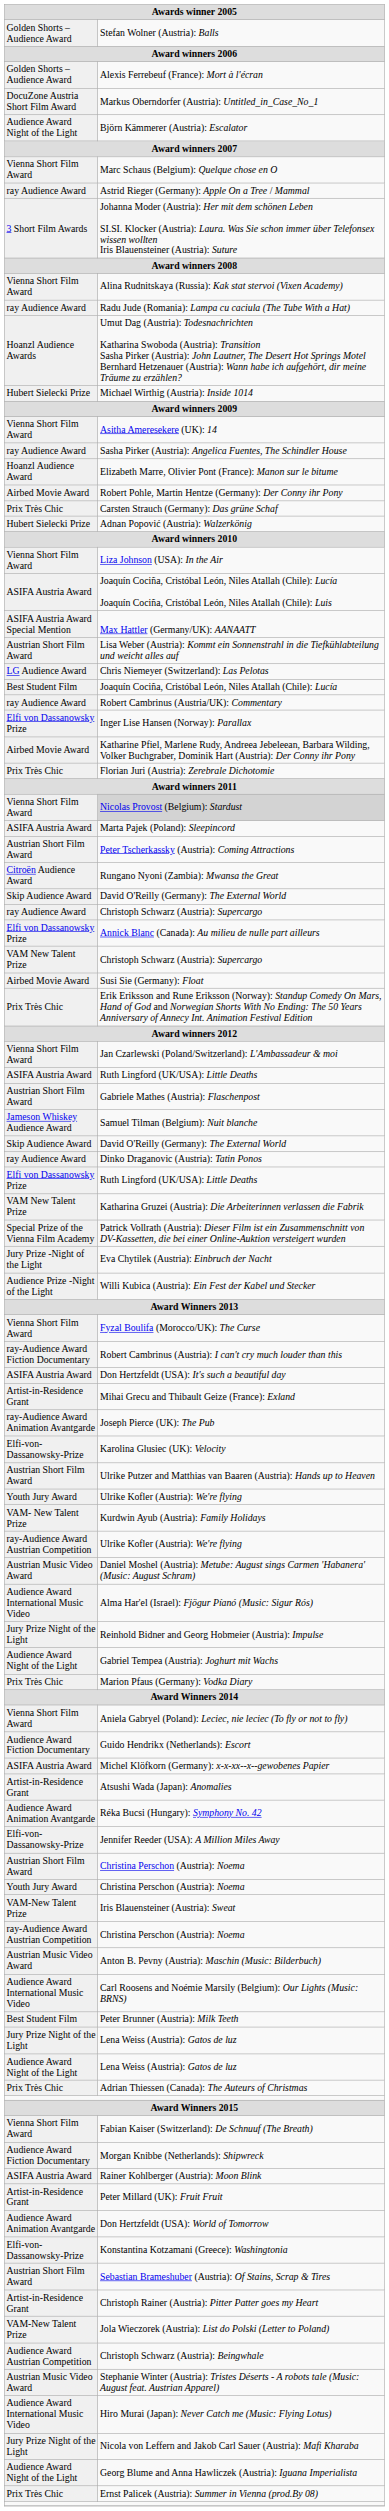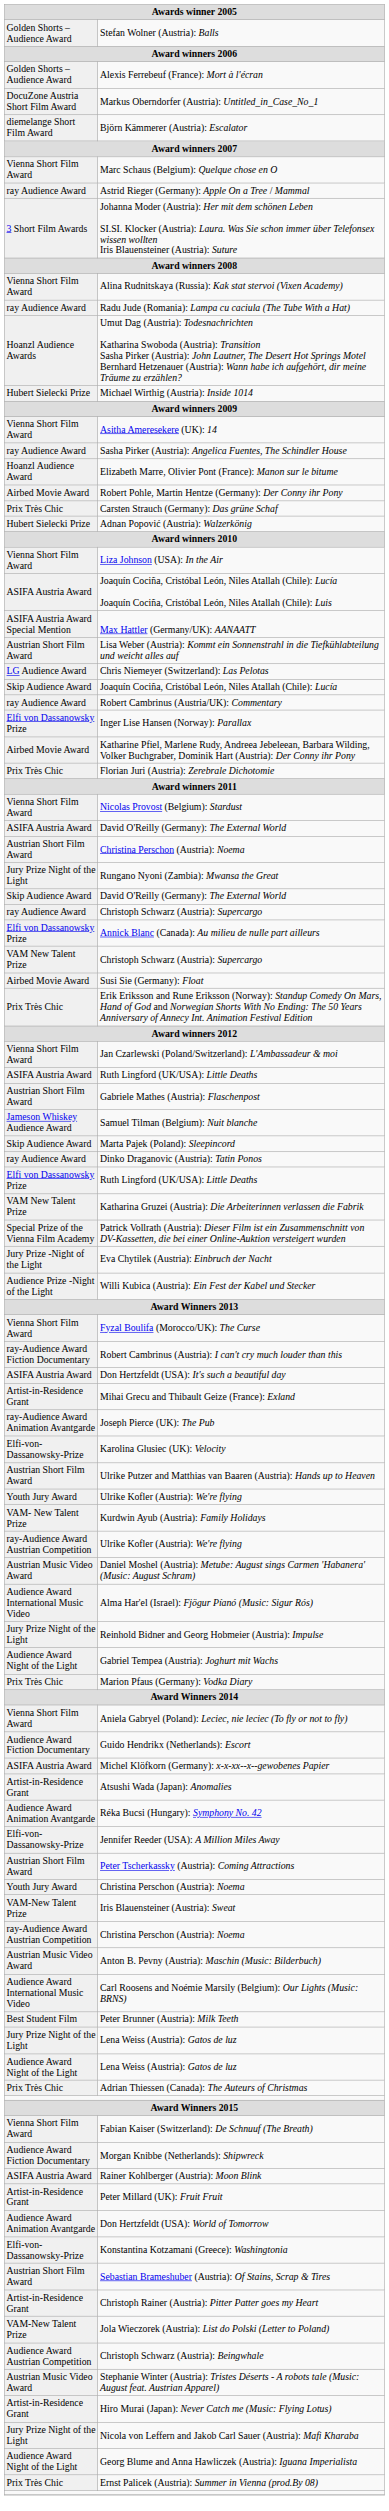 <table class=wikitable  width=100%>
 <tr>
 <td colspan=2 align=center bgcolor=#DDDDDD><strong>Awards winner 2005</strong></td>
 </tr>
 <tr>
 <td bgcolor=#f0f0f0>Golden Shorts – Audience Award</td>
 <td>Stefan Wolner (Austria): <em>Balls</em></td>
 </tr>
 <tr>
 <td colspan=2 align=center bgcolor=#DDDDDD><strong>Award winners 2006</strong></td>
 </tr>
 <tr>
 <td bgcolor=#f0f0f0>Golden Shorts – Audience Award</td>
 <td>Alexis Ferrebeuf (France): <em>Mort à l'écran</em></td>
 </tr>
 <tr>
 <td bgcolor=#f0f0f0>DocuZone Austria Short Film Award</td>
 <td>Markus Oberndorfer (Austria): <em>Untitled_in_Case_No_1</em></td>
 </tr>
 <tr>
-<td bgcolor=#f0f0f0>Audience Award Night of the Light</td>
+<td bgcolor=#f0f0f0>diemelange Short Film Award</td>
 <td>Björn Kämmerer (Austria): <em>Escalator</em></td>
 </tr>
 <tr>
 <td colspan=2 align=center bgcolor=#DDDDDD><strong>Award winners 2007</strong></td>
 </tr>
 <tr>
 <td bgcolor=#f0f0f0>Vienna Short Film Award</td>
 <td>Marc Schaus (Belgium): <em>Quelque chose en O</em></td>
 </tr>
 <tr>
 <td bgcolor=#f0f0f0>ray Audience Award</td>
 <td>Astrid Rieger (Germany): <em>Apple On a Tree</em> / <em>Mammal</em></td>
 </tr>
 <tr>
 <td bgcolor=#f0f0f0><a href='#'>3</a> Short Film Awards</td>
 <td>Johanna Moder (Austria): <em>Her mit dem schönen Leben</em><br><br>SI.SI. Klocker (Austria): <em>Laura. Was Sie schon immer über Telefonsex wissen wollten</em><br> Iris Blauensteiner (Austria): <em>Suture</em></td>
 </tr>
 <tr>
 <td colspan=2 align=center bgcolor=#DDDDDD><strong>Award winners 2008</strong></td>
 </tr>
 <tr>
 <td bgcolor=#f0f0f0>Vienna Short Film Award</td>
 <td>Alina Rudnitskaya (Russia): <em>Kak stat stervoi (Vixen Academy)</em></td>
 </tr>
 <tr>
 <td bgcolor=#f0f0f0>ray Audience Award</td>
 <td>Radu Jude (Romania): <em>Lampa cu caciula (The Tube With a Hat)</em></td>
 </tr>
 <tr>
 <td bgcolor=#f0f0f0>Hoanzl Audience Awards</td>
 <td>Umut Dag (Austria): <em>Todesnachrichten</em><br><br>Katharina Swoboda (Austria): <em>Transition</em><br> Sasha Pirker (Austria): <em>John Lautner, The Desert Hot Springs Motel</em><br> Bernhard Hetzenauer (Austria): <em>Wann habe ich aufgehört, dir meine Träume zu erzählen?</em></td>
 </tr>
 <tr>
 <td bgcolor=#f0f0f0>Hubert Sielecki Prize</td>
 <td>Michael Wirthig (Austria): <em>Inside 1014</em></td>
 </tr>
 <tr>
 <td colspan=2 align=center bgcolor=#DDDDDD><strong>Award winners 2009</strong></td>
 </tr>
 <tr>
 <td bgcolor=#f0f0f0>Vienna Short Film Award</td>
 <td><a href='#'>Asitha Ameresekere</a> (UK): <em>14</em></td>
 </tr>
 <tr>
 <td bgcolor=#f0f0f0>ray Audience Award</td>
 <td>Sasha Pirker (Austria): <em>Angelica Fuentes, The Schindler House</em></td>
 </tr>
 <tr>
 <td bgcolor=#f0f0f0>Hoanzl Audience Award</td>
 <td>Elizabeth Marre, Olivier Pont (France): <em>Manon sur le bitume</em></td>
 </tr>
 <tr>
 <td bgcolor=#f0f0f0>Airbed Movie Award</td>
 <td>Robert Pohle, Martin Hentze (Germany): <em>Der Conny ihr Pony</em></td>
 </tr>
 <tr>
 <td bgcolor=#f0f0f0>Prix Très Chic</td>
 <td>Carsten Strauch (Germany): <em>Das grüne Schaf</em></td>
 </tr>
 <tr>
 <td bgcolor=#f0f0f0>Hubert Sielecki Prize</td>
 <td>Adnan Popović (Austria): <em>Walzerkönig</em></td>
 </tr>
 <tr>
 <td colspan=2 align=center bgcolor=#DDDDDD><strong>Award winners 2010</strong></td>
 </tr>
 <tr>
 <td bgcolor=#f0f0f0>Vienna Short Film Award</td>
 <td><a href='#'>Liza Johnson</a> (USA): <em>In the Air</em></td>
 </tr>
 <tr>
 <td bgcolor=#f0f0f0>ASIFA Austria Award</td>
 <td>Joaquín Cociña, Cristóbal León, Niles Atallah (Chile): <em>Lucía</em><br><br>Joaquín Cociña, Cristóbal León, Niles Atallah (Chile): <em>Luis</em></td>
 </tr>
 <tr>
 <td bgcolor=#f0f0f0>ASIFA Austria Award Special Mention</td>
 <td><br><a href='#'>Max Hattler</a> (Germany/UK): <em>AANAATT</em></td>
 </tr>
 <tr>
 <td bgcolor=#f0f0f0>Austrian Short Film Award</td>
 <td>Lisa Weber (Austria): <em>Kommt ein Sonnenstrahl in die Tiefkühlabteilung und weicht alles auf</em></td>
 </tr>
 <tr>
 <td bgcolor=#f0f0f0><a href='#'>LG</a> Audience Award</td>
 <td>Chris Niemeyer (Switzerland): <em>Las Pelotas</em></td>
 </tr>
 <tr>
-<td bgcolor=#f0f0f0>Best Student Film</td>
+<td bgcolor=#f0f0f0>Skip Audience Award</td>
 <td>Joaquín Cociña, Cristóbal León, Niles Atallah (Chile): <em>Lucía</em></td>
 </tr>
 <tr>
 <td bgcolor=#f0f0f0>ray Audience Award</td>
 <td>Robert Cambrinus (Austria/UK): <em>Commentary</em></td>
 </tr>
 <tr>
 <td bgcolor=#f0f0f0><a href='#'>Elfi von Dassanowsky</a> Prize</td>
 <td>Inger Lise Hansen (Norway): <em>Parallax</em></td>
 </tr>
 <tr>
 <td bgcolor=#f0f0f0>Airbed Movie Award</td>
 <td>Katharine Pfiel, Marlene Rudy, Andreea Jebeleean, Barbara Wilding, Volker Buchgraber, Dominik Hart (Austria): <em>Der Conny ihr Pony</em></td>
 </tr>
 <tr>
 <td bgcolor=#f0f0f0>Prix Très Chic</td>
 <td>Florian Juri (Austria): <em>Zerebrale Dichotomie</em></td>
 </tr>
 <tr>
 <td colspan=2 align=center bgcolor=#DDDDDD><strong>Award winners 2011</strong></td>
 </tr>
 <tr>
 <td bgcolor=#f0f0f0>Vienna Short Film Award</td>
-<td style="background: lightgrey;"><a href='#'>Nicolas Provost</a> (Belgium): <em>Stardust</em></td>
+<td><a href='#'>Nicolas Provost</a> (Belgium): <em>Stardust</em></td>
 </tr>
 <tr>
 <td bgcolor=#f0f0f0>ASIFA Austria Award</td>
-<td>Marta Pajek (Poland): <em>Sleepincord</em></td>
+<td>David O'Reilly (Germany): <em>The External World</em></td>
 </tr>
 <tr>
 <td bgcolor=#f0f0f0>Austrian Short Film Award</td>
-<td><a href='#'>Peter Tscherkassky</a> (Austria): <em>Coming Attractions</em></td>
+<td><a href='#'>Christina Perschon</a> (Austria): <em>Noema</em></td>
 </tr>
 <tr>
-<td bgcolor=#f0f0f0><a href='#'>Citroën</a> Audience Award</td>
+<td bgcolor=#f0f0f0>Jury Prize Night of the Light</td>
 <td>Rungano Nyoni (Zambia): <em>Mwansa the Great</em></td>
 </tr>
 <tr>
 <td bgcolor=#f0f0f0>Skip Audience Award</td>
 <td>David O'Reilly (Germany): <em>The External World</em></td>
 </tr>
 <tr>
 <td bgcolor=#f0f0f0>ray Audience Award</td>
 <td>Christoph Schwarz (Austria): <em>Supercargo</em></td>
 </tr>
 <tr>
 <td bgcolor=#f0f0f0><a href='#'>Elfi von Dassanowsky</a> Prize</td>
 <td><a href='#'>Annick Blanc</a> (Canada): <em>Au milieu de nulle part ailleurs</em></td>
 </tr>
 <tr>
 <td bgcolor=#f0f0f0>VAM New Talent Prize</td>
 <td>Christoph Schwarz (Austria): <em>Supercargo</em></td>
 </tr>
 <tr>
 <td bgcolor=#f0f0f0>Airbed Movie Award</td>
 <td>Susi Sie (Germany): <em>Float</em></td>
 </tr>
 <tr>
 <td bgcolor=#f0f0f0>Prix Très Chic</td>
 <td>Erik Eriksson and Rune Eriksson (Norway): <em>Standup Comedy On Mars</em>, <em>Hand of God</em> and <em>Norwegian Shorts With No Ending: The 50 Years Anniversary of Annecy Int. Animation Festival Edition</em></td>
 </tr>
 <tr>
 <td colspan=2 align=center bgcolor=#DDDDDD><strong>Award winners 2012</strong></td>
 </tr>
 <tr>
 <td bgcolor=#f0f0f0>Vienna Short Film Award</td>
 <td>Jan Czarlewski (Poland/Switzerland): <em>L'Ambassadeur & moi</em></td>
 </tr>
 <tr>
 <td bgcolor=#f0f0f0>ASIFA Austria Award</td>
 <td>Ruth Lingford  (UK/USA): <em>Little Deaths</em></td>
 </tr>
 <tr>
 <td bgcolor=#f0f0f0>Austrian Short Film Award</td>
 <td>Gabriele Mathes (Austria): <em>Flaschenpost</em></td>
 </tr>
 <tr>
 <td bgcolor=#f0f0f0><a href='#'>Jameson Whiskey</a> Audience Award</td>
 <td>Samuel Tilman (Belgium): <em>Nuit blanche</em></td>
 </tr>
 <tr>
 <td bgcolor=#f0f0f0>Skip Audience Award</td>
-<td>David O'Reilly (Germany): <em>The External World</em></td>
+<td>Marta Pajek (Poland): <em>Sleepincord</em></td>
 </tr>
 <tr>
 <td bgcolor=#f0f0f0>ray Audience Award</td>
 <td>Dinko Draganovic (Austria): <em>Tatin Ponos</em></td>
 </tr>
 <tr>
 <td bgcolor=#f0f0f0><a href='#'>Elfi von Dassanowsky</a> Prize</td>
 <td>Ruth Lingford  (UK/USA): <em>Little Deaths</em></td>
 </tr>
 <tr>
 <td bgcolor=#f0f0f0>VAM New Talent Prize</td>
 <td>Katharina Gruzei (Austria): <em>Die Arbeiterinnen verlassen die Fabrik</em></td>
 </tr>
 <tr>
 <td bgcolor=#f0f0f0>Special Prize of the Vienna Film Academy</td>
 <td>Patrick Vollrath (Austria): <em>Dieser Film ist ein Zusammenschnitt von DV-Kassetten, die bei einer Online-Auktion versteigert wurden</em></td>
 </tr>
 <tr>
 <td bgcolor=#f0f0f0>Jury Prize -Night of the Light</td>
 <td>Eva Chytilek (Austria): <em>Einbruch der Nacht</em></td>
 </tr>
 <tr>
 <td bgcolor=#f0f0f0>Audience Prize -Night of the Light</td>
 <td>Willi Kubica (Austria): <em>Ein Fest der Kabel und Stecker</em></td>
 </tr>
 <tr>
 <td colspan=2 align=center bgcolor=#DDDDDD><strong>Award Winners 2013</strong></td>
 </tr>
 <tr>
 <td bgcolor=#f0f0f0>Vienna Short Film Award</td>
 <td><a href='#'>Fyzal Boulifa</a> (Morocco/UK): <em>The Curse</em></td>
 </tr>
 <tr>
 <td bgcolor=#f0f0f0>ray-Audience Award Fiction Documentary</td>
 <td>Robert Cambrinus (Austria): <em>I can't cry much louder than this</em></td>
 </tr>
 <tr>
 <td bgcolor=#f0f0f0>ASIFA Austria Award</td>
 <td>Don Hertzfeldt (USA): <em>It's such a beautiful day</em></td>
 </tr>
 <tr>
 <td bgcolor=#f0f0f0>Artist-in-Residence Grant</td>
 <td>Mihai Grecu and Thibault Geize (France): <em>Exland</em></td>
 </tr>
 <tr>
 <td bgcolor=#f0f0f0>ray-Audience Award Animation Avantgarde</td>
 <td>Joseph Pierce (UK): <em>The Pub</em></td>
 </tr>
 <tr>
 <td bgcolor=#f0f0f0>Elfi-von-Dassanowsky-Prize</td>
 <td>Karolina Glusiec (UK): <em>Velocity</em></td>
 </tr>
 <tr>
 <td bgcolor=#f0f0f0>Austrian Short Film Award</td>
 <td>Ulrike Putzer and Matthias van Baaren (Austria): <em>Hands up to Heaven</em></td>
 </tr>
 <tr>
 <td bgcolor=#f0f0f0>Youth Jury Award</td>
 <td>Ulrike Kofler (Austria): <em>We're flying</em></td>
 </tr>
 <tr>
 <td bgcolor=#f0f0f0>VAM- New Talent Prize</td>
 <td>Kurdwin Ayub (Austria): <em>Family Holidays</em></td>
 </tr>
 <tr>
 <td bgcolor=#f0f0f0>ray-Audience Award Austrian Competition</td>
 <td>Ulrike Kofler (Austria): <em>We're flying</em></td>
 </tr>
 <tr>
 <td bgcolor=#f0f0f0>Austrian Music Video Award</td>
 <td>Daniel Moshel (Austria): <em>Metube: August sings Carmen 'Habanera' (Music: August Schram)</em></td>
 </tr>
 <tr>
 <td bgcolor=#f0f0f0>Audience Award International Music Video</td>
 <td>Alma Har'el (Israel): <em>Fjögur Píanó (Music: Sigur Rós)</em></td>
 </tr>
 <tr>
 <td bgcolor=#f0f0f0>Jury Prize Night of the Light</td>
 <td>Reinhold Bidner and Georg Hobmeier (Austria): <em>Impulse</em></td>
 </tr>
 <tr>
 <td bgcolor=#f0f0f0>Audience Award Night of the Light</td>
 <td>Gabriel Tempea (Austria): <em>Joghurt mit Wachs</em></td>
 </tr>
 <tr>
 <td bgcolor=#f0f0f0>Prix Très Chic</td>
 <td>Marion Pfaus (Germany): <em>Vodka Diary</em></td>
 </tr>
 <tr>
 <td colspan=2 align=center bgcolor=#DDDDDD><strong>Award Winners 2014</strong></td>
 </tr>
 <tr>
 <td bgcolor=#f0f0f0>Vienna Short Film Award</td>
 <td>Aniela Gabryel (Poland): <em>Leciec, nie leciec (To fly or not to fly)</em></td>
 </tr>
 <tr>
 <td bgcolor=#f0f0f0>Audience Award Fiction Documentary</td>
 <td>Guido Hendrikx (Netherlands): <em>Escort</em></td>
 </tr>
 <tr>
 <td bgcolor=#f0f0f0>ASIFA Austria Award</td>
 <td>Michel Klöfkorn (Germany): <em>x-x-xx--x--gewobenes Papier</em></td>
 </tr>
 <tr>
 <td bgcolor=#f0f0f0>Artist-in-Residence Grant</td>
 <td>Atsushi Wada (Japan): <em>Anomalies</em></td>
 </tr>
 <tr>
 <td bgcolor=#f0f0f0>Audience Award Animation Avantgarde</td>
 <td>Réka Bucsi (Hungary): <em><a href='#'>Symphony No. 42</a></em></td>
 </tr>
 <tr>
 <td bgcolor=#f0f0f0>Elfi-von-Dassanowsky-Prize</td>
 <td>Jennifer Reeder (USA): <em>A Million Miles Away</em></td>
 </tr>
 <tr>
 <td bgcolor=#f0f0f0>Austrian Short Film Award</td>
-<td><a href='#'>Christina Perschon</a> (Austria): <em>Noema</em></td>
+<td><a href='#'>Peter Tscherkassky</a> (Austria): <em>Coming Attractions</em></td>
 </tr>
 <tr>
 <td bgcolor=#f0f0f0>Youth Jury Award</td>
 <td>Christina Perschon (Austria): <em>Noema</em></td>
 </tr>
 <tr>
 <td bgcolor=#f0f0f0>VAM-New Talent Prize</td>
 <td>Iris Blauensteiner (Austria): <em>Sweat</em></td>
 </tr>
 <tr>
 <td bgcolor=#f0f0f0>ray-Audience Award Austrian Competition</td>
 <td>Christina Perschon (Austria): <em>Noema</em></td>
 </tr>
 <tr>
 <td bgcolor=#f0f0f0>Austrian Music Video Award</td>
 <td>Anton B. Pevny (Austria): <em>Maschin (Music: Bilderbuch)</em></td>
 </tr>
 <tr>
 <td bgcolor=#f0f0f0>Audience Award International Music Video</td>
 <td>Carl Roosens and Noémie Marsily (Belgium): <em>Our Lights (Music: BRNS)</em></td>
 </tr>
 <tr>
 <td bgcolor=#f0f0f0>Best Student Film</td>
 <td>Peter Brunner (Austria): <em>Milk Teeth</em></td>
 </tr>
 <tr>
 <td bgcolor=#f0f0f0>Jury Prize Night of the Light</td>
 <td>Lena Weiss (Austria): <em>Gatos de luz</em></td>
 </tr>
 <tr>
 <td bgcolor=#f0f0f0>Audience Award Night of the Light</td>
 <td>Lena Weiss (Austria): <em>Gatos de luz</em></td>
 </tr>
 <tr>
 <td bgcolor=#f0f0f0>Prix Très Chic</td>
 <td>Adrian Thiessen (Canada): <em>The Auteurs of Christmas</em></td>
 </tr>
 <tr>
 <td colspan=2 align=center></td>
 </tr>
 <tr>
 <td colspan=2 align=center bgcolor=#DDDDDD><strong>Award Winners 2015</strong></td>
 </tr>
 <tr>
 <td bgcolor=#f0f0f0>Vienna Short Film Award</td>
 <td>Fabian Kaiser (Switzerland): <em>De Schnuuf (The Breath)</em></td>
 </tr>
 <tr>
 <td bgcolor=#f0f0f0>Audience Award Fiction Documentary</td>
 <td>Morgan Knibbe (Netherlands): <em>Shipwreck</em></td>
 </tr>
 <tr>
 <td bgcolor=#f0f0f0>ASIFA Austria Award</td>
 <td>Rainer Kohlberger (Austria): <em>Moon Blink</em></td>
 </tr>
 <tr>
 <td bgcolor=#f0f0f0>Artist-in-Residence Grant</td>
 <td>Peter Millard (UK): <em>Fruit Fruit</em></td>
 </tr>
 <tr>
 <td bgcolor=#f0f0f0>Audience Award Animation Avantgarde</td>
 <td>Don Hertzfeldt (USA): <em>World of Tomorrow</em></td>
 </tr>
 <tr>
 <td bgcolor=#f0f0f0>Elfi-von-Dassanowsky-Prize</td>
 <td>Konstantina Kotzamani (Greece): <em>Washingtonia</em></td>
 </tr>
 <tr>
 <td bgcolor=#f0f0f0>Austrian Short Film Award</td>
 <td><a href='#'>Sebastian Brameshuber</a> (Austria): <em>Of Stains, Scrap & Tires</em></td>
 </tr>
 <tr>
 <td bgcolor=#f0f0f0>Artist-in-Residence Grant</td>
 <td>Christoph Rainer (Austria): <em>Pitter Patter goes my Heart</em></td>
 </tr>
 <tr>
 <td bgcolor=#f0f0f0>VAM-New Talent Prize</td>
 <td>Jola Wieczorek (Austria): <em>List do Polski (Letter to Poland)</em></td>
 </tr>
 <tr>
 <td bgcolor=#f0f0f0>Audience Award Austrian Competition</td>
 <td>Christoph Schwarz (Austria): <em>Beingwhale</em></td>
 </tr>
 <tr>
 <td bgcolor=#f0f0f0>Austrian Music Video Award</td>
 <td>Stephanie Winter (Austria): <em>Tristes Déserts - A robots tale (Music: August feat. Austrian Apparel)</em></td>
 </tr>
 <tr>
-<td bgcolor=#f0f0f0>Audience Award International Music Video</td>
+<td bgcolor=#f0f0f0>Artist-in-Residence Grant</td>
 <td>Hiro Murai (Japan): <em>Never Catch me (Music: Flying Lotus)</em></td>
 </tr>
 <tr>
 <td bgcolor=#f0f0f0>Jury Prize Night of the Light</td>
 <td>Nicola von Leffern and Jakob Carl Sauer (Austria): <em>Mafi Kharaba</em></td>
 </tr>
 <tr>
 <td bgcolor=#f0f0f0>Audience Award Night of the Light</td>
 <td>Georg Blume and Anna Hawliczek (Austria): <em>Iguana Imperialista</em></td>
 </tr>
 <tr>
 <td bgcolor=#f0f0f0>Prix Très Chic</td>
 <td>Ernst Palicek (Austria): <em>Summer in Vienna (prod.By 08)</em></td>
 </tr>
 <tr>
 <td colspan=2 align=center></td>
 </tr>
 <tr>
 </tr>
 </table>
